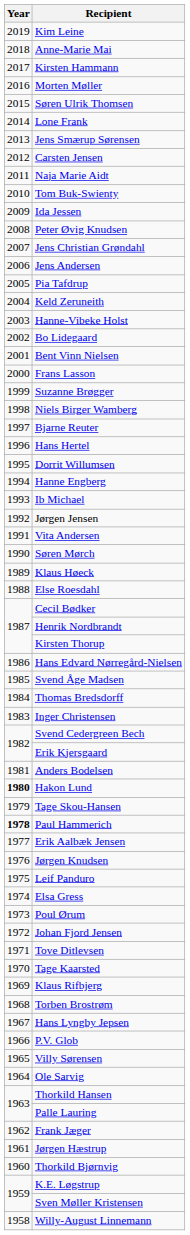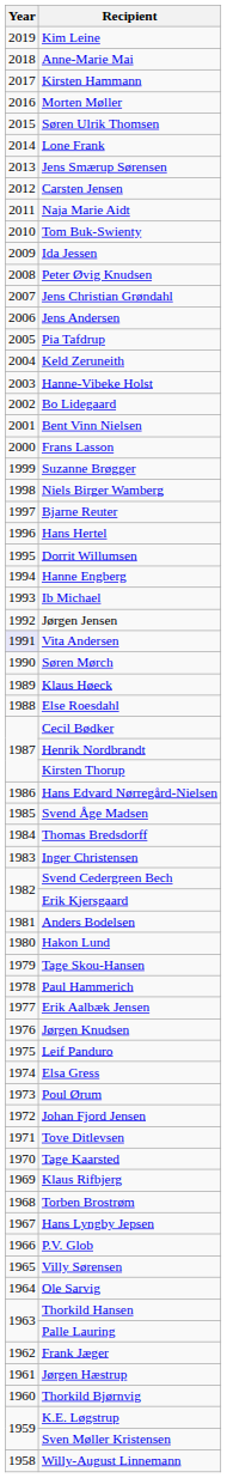 <table class="wikitable">
 <tr>
 <th>Year</th>
 <th>Recipient</th>
 </tr>
 <tr>
 <td align=center>2019</td>
 <td><a href='#'>Kim Leine</a></td>
 </tr>
 <tr>
 <td align=center>2018</td>
 <td><a href='#'>Anne-Marie Mai</a></td>
 </tr>
 <tr>
 <td align=center>2017</td>
 <td><a href='#'>Kirsten Hammann</a></td>
 </tr>
 <tr>
 <td align=center>2016</td>
 <td><a href='#'>Morten Møller</a></td>
 </tr>
 <tr>
 <td align=center>2015</td>
 <td><a href='#'>Søren Ulrik Thomsen</a></td>
 </tr>
 <tr>
 <td align=center>2014</td>
 <td><a href='#'>Lone Frank</a></td>
 </tr>
 <tr>
 <td align=center>2013</td>
 <td><a href='#'>Jens Smærup Sørensen</a></td>
 </tr>
 <tr>
 <td align=center>2012</td>
 <td><a href='#'>Carsten Jensen</a></td>
 </tr>
 <tr>
 <td align=center>2011</td>
 <td><a href='#'>Naja Marie Aidt</a></td>
 </tr>
 <tr>
 <td align=center>2010</td>
 <td><a href='#'>Tom Buk-Swienty</a></td>
 </tr>
 <tr>
 <td align=center>2009</td>
 <td><a href='#'>Ida Jessen</a></td>
 </tr>
 <tr>
 <td align=center>2008</td>
 <td><a href='#'>Peter Øvig Knudsen</a></td>
 </tr>
 <tr>
 <td align=center>2007</td>
 <td><a href='#'>Jens Christian Grøndahl</a></td>
 </tr>
 <tr>
 <td align=center>2006</td>
 <td><a href='#'>Jens Andersen</a></td>
 </tr>
 <tr>
 <td align=center>2005</td>
 <td><a href='#'>Pia Tafdrup</a></td>
 </tr>
 <tr>
 <td align=center>2004</td>
 <td><a href='#'>Keld Zeruneith</a></td>
 </tr>
 <tr>
 <td align=center>2003</td>
 <td><a href='#'>Hanne-Vibeke Holst</a></td>
 </tr>
 <tr>
 <td align=center>2002</td>
 <td><a href='#'>Bo Lidegaard</a></td>
 </tr>
 <tr>
 <td align=center>2001</td>
 <td><a href='#'>Bent Vinn Nielsen</a></td>
 </tr>
 <tr>
 <td align=center>2000</td>
 <td><a href='#'>Frans Lasson</a></td>
 </tr>
 <tr>
 <td align=center>1999</td>
 <td><a href='#'>Suzanne Brøgger</a></td>
 </tr>
 <tr>
 <td align=center>1998</td>
 <td><a href='#'>Niels Birger Wamberg</a></td>
 </tr>
 <tr>
 <td align=center>1997</td>
 <td><a href='#'>Bjarne Reuter</a></td>
 </tr>
 <tr>
 <td align=center>1996</td>
 <td><a href='#'>Hans Hertel</a></td>
 </tr>
 <tr>
 <td align=center>1995</td>
 <td><a href='#'>Dorrit Willumsen</a></td>
 </tr>
 <tr>
 <td align=center>1994</td>
 <td><a href='#'>Hanne Engberg</a></td>
 </tr>
 <tr>
 <td align=center>1993</td>
 <td><a href='#'>Ib Michael</a></td>
 </tr>
 <tr>
 <td align=center>1992</td>
 <td>Jørgen Jensen</td>
 </tr>
 <tr>
-<td align=center>1991</td>
+<td align=center style="background: lavender;">1991</td>
 <td><a href='#'>Vita Andersen</a></td>
 </tr>
 <tr>
 <td align=center>1990</td>
 <td><a href='#'>Søren Mørch</a></td>
 </tr>
 <tr>
 <td align=center>1989</td>
 <td><a href='#'>Klaus Høeck</a></td>
 </tr>
 <tr>
 <td align=center>1988</td>
 <td><a href='#'>Else Roesdahl</a></td>
 </tr>
 <tr>
 <td rowspan=3 align=center>1987</td>
 <td><a href='#'>Cecil Bødker</a></td>
 </tr>
 <tr>
 <td><a href='#'>Henrik Nordbrandt</a></td>
 </tr>
 <tr>
 <td><a href='#'>Kirsten Thorup</a></td>
 </tr>
 <tr>
 <td align=center>1986</td>
 <td><a href='#'>Hans Edvard Nørregård-Nielsen</a></td>
 </tr>
 <tr>
 <td align=center>1985</td>
 <td><a href='#'>Svend Åge Madsen</a></td>
 </tr>
 <tr>
 <td align=center>1984</td>
 <td><a href='#'>Thomas Bredsdorff</a></td>
 </tr>
 <tr>
 <td align=center>1983</td>
 <td><a href='#'>Inger Christensen</a></td>
 </tr>
 <tr>
 <td rowspan=2 align=center>1982</td>
 <td><a href='#'>Svend Cedergreen Bech</a></td>
 </tr>
 <tr>
 <td><a href='#'>Erik Kjersgaard</a></td>
 </tr>
 <tr>
 <td align=center>1981</td>
 <td><a href='#'>Anders Bodelsen</a></td>
 </tr>
 <tr>
-<td align=center><strong>1980</strong></td>
+<td align=center>1980</td>
 <td><a href='#'>Hakon Lund</a></td>
 </tr>
 <tr>
 <td align=center>1979</td>
 <td><a href='#'>Tage Skou-Hansen</a></td>
 </tr>
 <tr>
-<td align=center><strong>1978</strong></td>
+<td align=center>1978</td>
 <td><a href='#'>Paul Hammerich</a></td>
 </tr>
 <tr>
 <td align=center>1977</td>
 <td><a href='#'>Erik Aalbæk Jensen</a></td>
 </tr>
 <tr>
 <td align=center>1976</td>
 <td><a href='#'>Jørgen Knudsen</a></td>
 </tr>
 <tr>
 <td align=center>1975</td>
 <td><a href='#'>Leif Panduro</a></td>
 </tr>
 <tr>
 <td align=center>1974</td>
 <td><a href='#'>Elsa Gress</a></td>
 </tr>
 <tr>
 <td align=center>1973</td>
 <td><a href='#'>Poul Ørum</a></td>
 </tr>
 <tr>
 <td align=center>1972</td>
 <td><a href='#'>Johan Fjord Jensen</a></td>
 </tr>
 <tr>
 <td align=center>1971</td>
 <td><a href='#'>Tove Ditlevsen</a></td>
 </tr>
 <tr>
 <td align=center>1970</td>
 <td><a href='#'>Tage Kaarsted</a></td>
 </tr>
 <tr>
 <td align=center>1969</td>
 <td><a href='#'>Klaus Rifbjerg</a></td>
 </tr>
 <tr>
 <td align=center>1968</td>
 <td><a href='#'>Torben Brostrøm</a></td>
 </tr>
 <tr>
 <td align=center>1967</td>
 <td><a href='#'>Hans Lyngby Jepsen</a></td>
 </tr>
 <tr>
 <td align=center>1966</td>
 <td><a href='#'>P.V. Glob</a></td>
 </tr>
 <tr>
 <td align=center>1965</td>
 <td><a href='#'>Villy Sørensen</a></td>
 </tr>
 <tr>
 <td align=center>1964</td>
 <td><a href='#'>Ole Sarvig</a></td>
 </tr>
 <tr>
 <td rowspan=2 align=center>1963</td>
 <td><a href='#'>Thorkild Hansen</a></td>
 </tr>
 <tr>
 <td><a href='#'>Palle Lauring</a></td>
 </tr>
 <tr>
 <td align=center>1962</td>
 <td><a href='#'>Frank Jæger</a></td>
 </tr>
 <tr>
 <td align=center>1961</td>
 <td><a href='#'>Jørgen Hæstrup</a></td>
 </tr>
 <tr>
 <td align=center>1960</td>
 <td><a href='#'>Thorkild Bjørnvig</a></td>
 </tr>
 <tr>
 <td rowspan=2 align=center>1959</td>
 <td><a href='#'>K.E. Løgstrup</a></td>
 </tr>
 <tr>
 <td><a href='#'>Sven Møller Kristensen</a></td>
 </tr>
 <tr>
 <td align=center>1958</td>
 <td><a href='#'>Willy-August Linnemann</a></td>
 </tr>
 </table>
